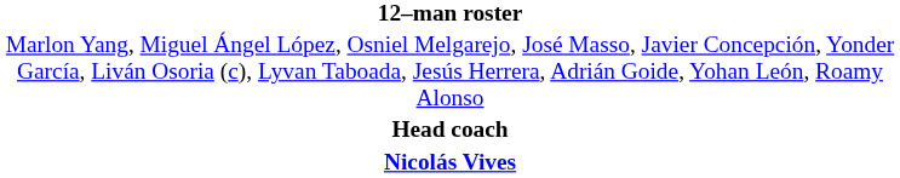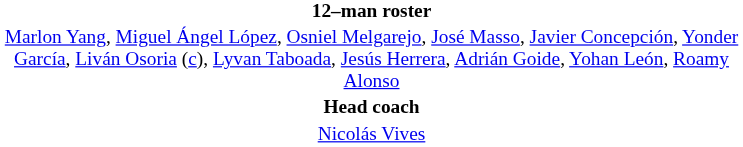 <table style="text-align:center; margin-top:2em; margin-left:auto; margin-right:auto">
 <tr>
 <td><strong>12–man roster</strong></td>
 </tr>
 <tr>
 <td><a href='#'>Marlon Yang</a>, <a href='#'>Miguel Ángel López</a>, <a href='#'>Osniel Melgarejo</a>, <a href='#'>José Masso</a>, <a href='#'>Javier Concepción</a>, <a href='#'>Yonder García</a>, <a href='#'>Liván Osoria</a> (<a href='#'>c</a>), <a href='#'>Lyvan Taboada</a>, <a href='#'>Jesús Herrera</a>, <a href='#'>Adrián Goide</a>, <a href='#'>Yohan León</a>, <a href='#'>Roamy Alonso</a></td>
 </tr>
 <tr>
 <td><strong>Head coach</strong></td>
 </tr>
 <tr>
-<td><strong><a href='#'>Nicolás Vives</a></strong></td>
+<td><a href='#'>Nicolás Vives</a></td>
 </tr>
 </table>
